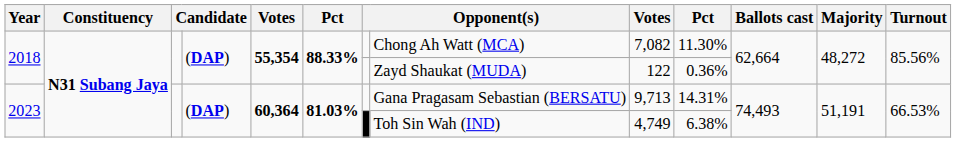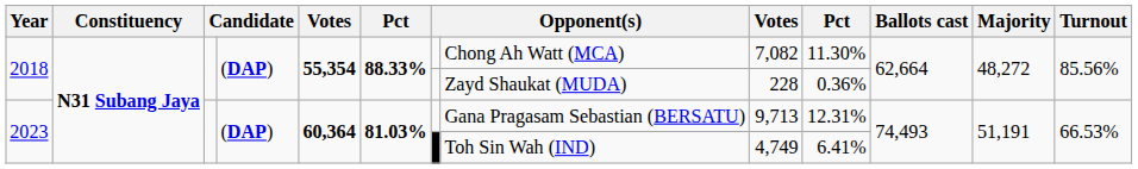 <table class="wikitable" style="margin:0.5em ; font-size:95%">
 <tr>
 <th>Year</th>
 <th>Constituency</th>
 <th colspan=2>Candidate</th>
 <th>Votes</th>
 <th>Pct</th>
 <th colspan=2>Opponent(s)</th>
 <th>Votes</th>
 <th>Pct</th>
 <th>Ballots cast</th>
 <th>Majority</th>
 <th>Turnout</th>
 </tr>
 <tr>
 <td rowspan="2"><a href='#'>2018</a></td>
 <td rowspan="4"><strong>N31 <a href='#'>Subang Jaya</a></strong></td>
 <td rowspan="2" ></td>
 <td rowspan="2"> (<a href='#'><strong>DAP</strong></a>)</td>
 <td rowspan="2" align=right><strong>55,354</strong></td>
 <td rowspan="2"><strong>88.33%</strong></td>
 <td></td>
 <td>Chong Ah Watt (<a href='#'>MCA</a>)</td>
 <td align=right>7,082</td>
 <td>11.30%</td>
 <td rowspan="2">62,664</td>
 <td rowspan="2">48,272</td>
 <td rowspan="2">85.56%</td>
 </tr>
 <tr>
 <td></td>
 <td>Zayd Shaukat (<a href='#'>MUDA</a>)</td>
-<td align=right>122</td>
+<td align=right>228</td>
 <td align=right>0.36%</td>
 </tr>
 <tr>
 <td rowspan="2”"><a href='#'>2023</a></td>
 <td rowspan="2" ></td>
 <td rowspan="2"> (<a href='#'><strong>DAP</strong></a>)</td>
 <td rowspan="2" align=right><strong>60,364</strong></td>
 <td rowspan="2"><strong>81.03%</strong></td>
 <td></td>
 <td>Gana Pragasam Sebastian (<a href='#'>BERSATU</a>)</td>
 <td align=right>9,713</td>
-<td>14.31%</td>
+<td>12.31%</td>
 <td rowspan="2">74,493</td>
 <td rowspan="2">51,191</td>
 <td rowspan="2">66.53%</td>
 </tr>
 <tr>
 <td bgcolor="black"></td>
 <td>Toh Sin Wah (<a href='#'>IND</a>)</td>
 <td align=right>4,749</td>
-<td align=right>6.38%</td>
+<td align=right>6.41%</td>
 </tr>
 </table>
